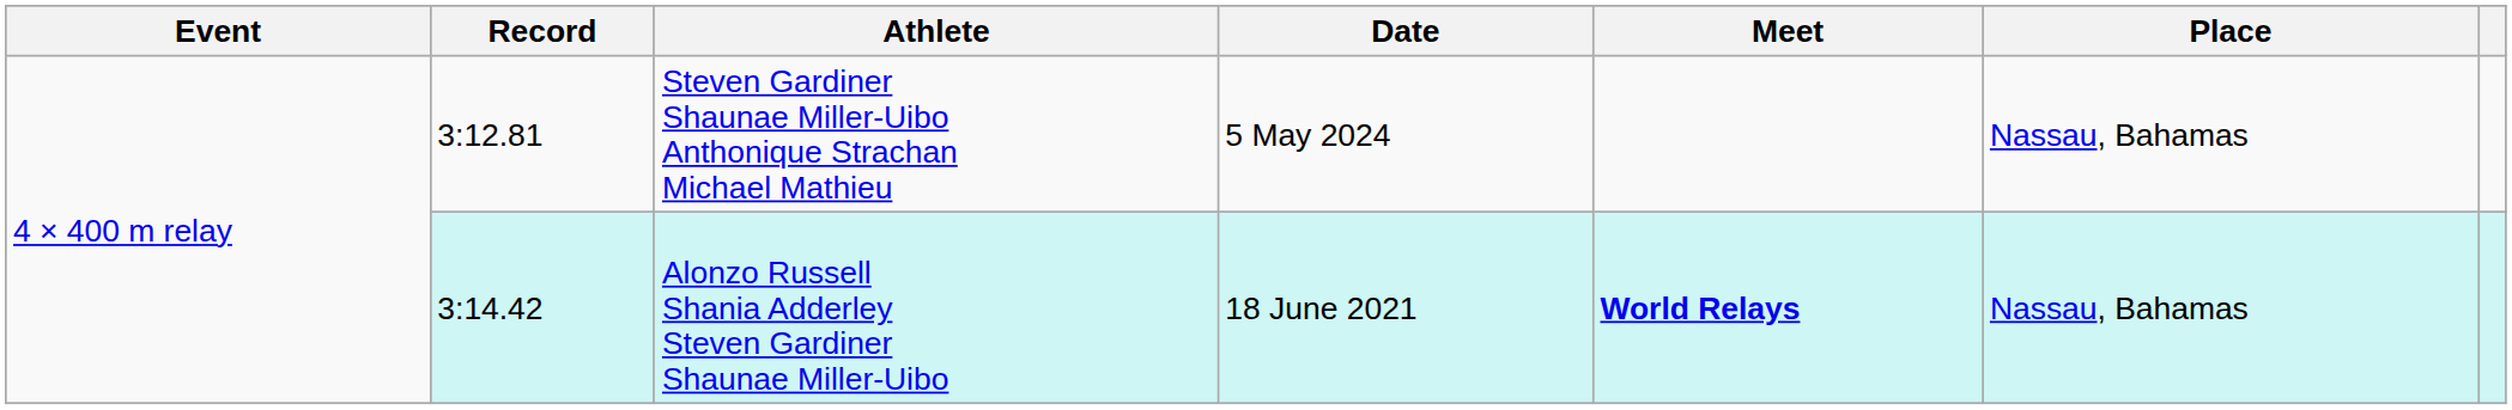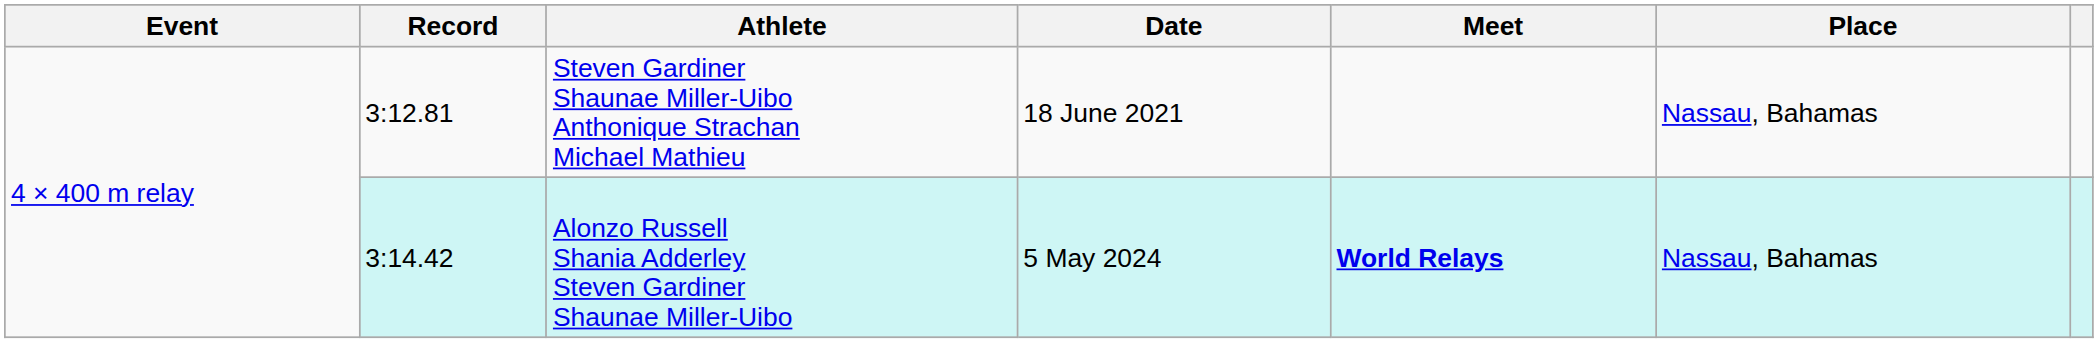 <table class="wikitable" style="font-size: 95%; width: 95%;">
 <tr>
 <th>Event</th>
 <th>Record</th>
 <th>Athlete</th>
 <th>Date</th>
 <th>Meet</th>
 <th>Place</th>
 <th></th>
 </tr>
 <tr>
 <td rowspan=2><a href='#'>4 × 400 m relay</a></td>
 <td>3:12.81</td>
 <td><a href='#'>Steven Gardiner</a><br><a href='#'>Shaunae Miller-Uibo</a><br><a href='#'>Anthonique Strachan</a><br><a href='#'>Michael Mathieu</a></td>
-<td>5 May 2024</td>
+<td>18 June 2021</td>
 <td></td>
 <td><a href='#'>Nassau</a>, Bahamas</td>
 <td></td>
 </tr>
 <tr bgcolor=#CEF6F5>
 <td>3:14.42</td>
 <td><br><a href='#'>Alonzo Russell</a><br><a href='#'>Shania Adderley</a><br><a href='#'>Steven Gardiner</a><br><a href='#'>Shaunae Miller-Uibo</a></td>
-<td>18 June 2021</td>
+<td>5 May 2024</td>
 <td><strong><a href='#'>World Relays</a></strong></td>
 <td><a href='#'>Nassau</a>, Bahamas</td>
 <td></td>
 </tr>
 </table>
